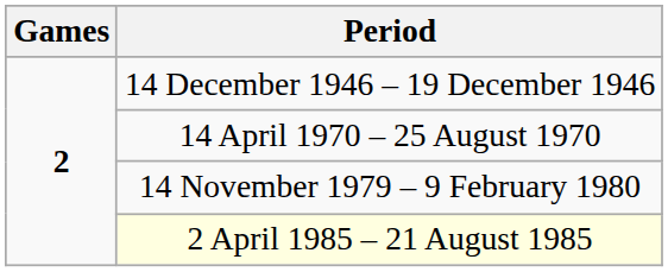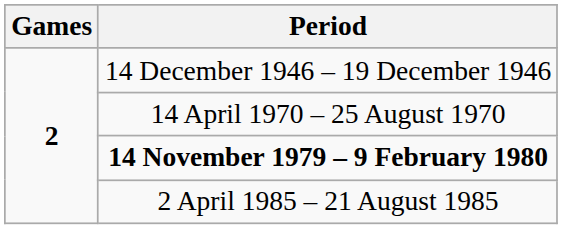 <table class="wikitable" style="text-align:center;">
 <tr>
 <th>Games</th>
 <th>Period</th>
 </tr>
 <tr>
 <td rowspan=4><strong>2</strong></td>
 <td>14 December 1946 – 19 December 1946</td>
 </tr>
 <tr>
 <td>14 April 1970 – 25 August 1970</td>
 </tr>
 <tr>
-<td>14 November 1979 – 9 February 1980</td>
+<td><strong>14 November 1979 – 9 February 1980</strong></td>
 </tr>
 <tr>
-<td style="background: lightyellow;">2 April 1985 – 21 August 1985</td>
+<td>2 April 1985 – 21 August 1985</td>
 </tr>
 </table>
